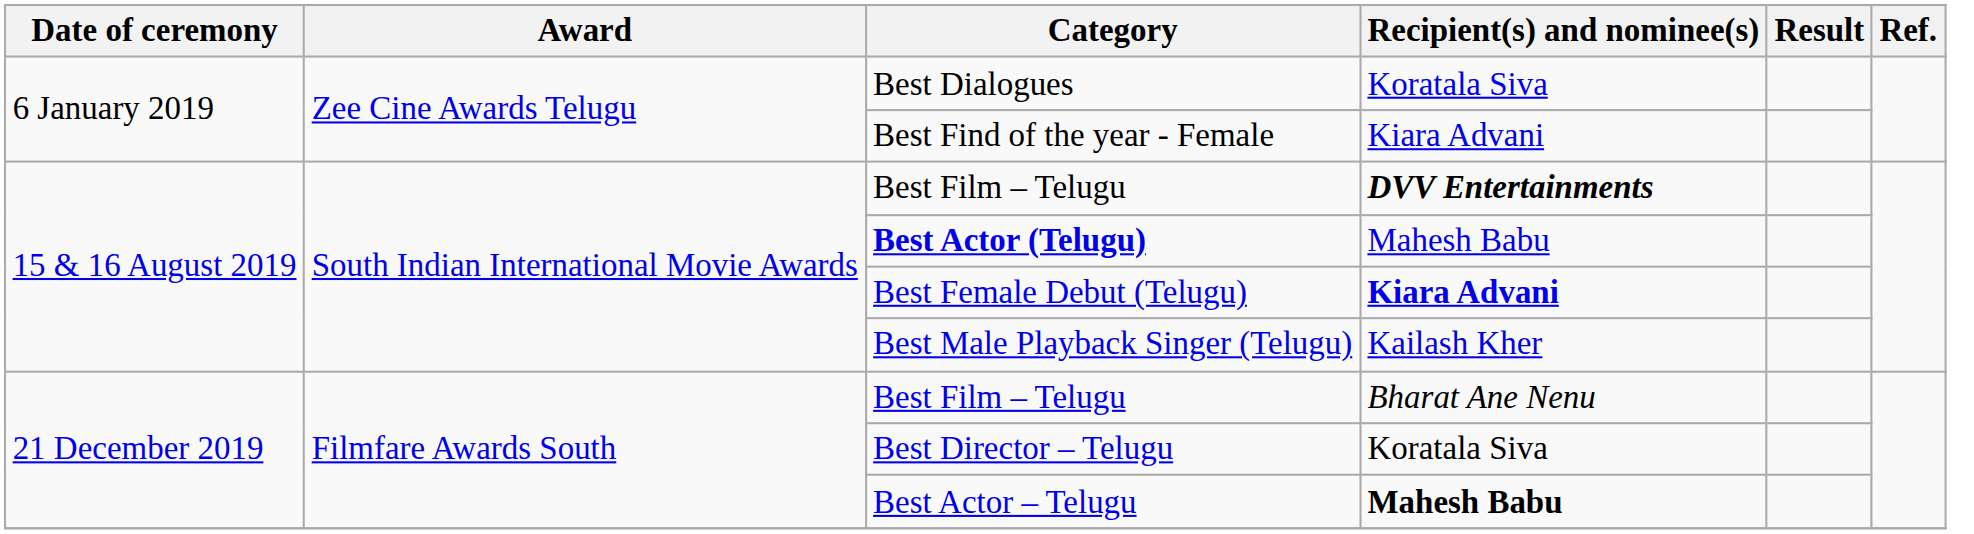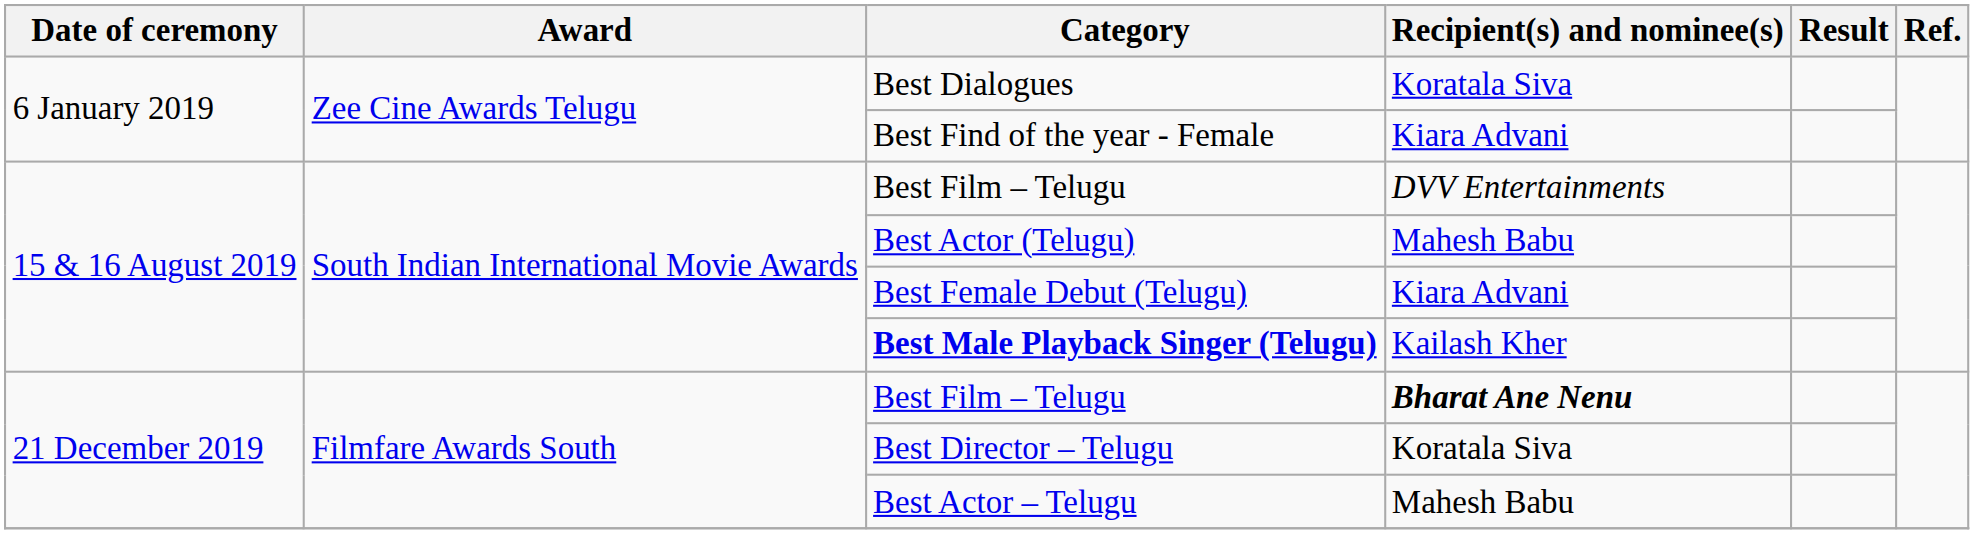 <table class="wikitable sortable">
 <tr>
 <th>Date of ceremony</th>
 <th>Award</th>
 <th>Category</th>
 <th>Recipient(s) and nominee(s)</th>
 <th>Result</th>
 <th>Ref.</th>
 </tr>
 <tr>
 <td rowspan="2">6 January 2019</td>
 <td rowspan="2"><a href='#'>Zee Cine Awards Telugu</a></td>
 <td>Best Dialogues</td>
 <td><a href='#'>Koratala Siva</a></td>
 <td></td>
 <td rowspan="2"></td>
 </tr>
 <tr>
 <td>Best Find of the year - Female</td>
 <td><a href='#'>Kiara Advani</a></td>
 <td></td>
 </tr>
 <tr>
 <td rowspan="4"><a href='#'>15 & 16 August 2019</a></td>
 <td rowspan="4"><a href='#'>South Indian International Movie Awards</a></td>
 <td>Best Film – Telugu</td>
-<td><strong><em>DVV Entertainments</em></strong></td>
+<td><em>DVV Entertainments</em></td>
 <td></td>
 <td rowspan="4"></td>
 </tr>
 <tr>
-<td><strong><a href='#'>Best Actor (Telugu)</a></strong></td>
+<td><a href='#'>Best Actor (Telugu)</a></td>
 <td><a href='#'>Mahesh Babu</a></td>
 <td></td>
 </tr>
 <tr>
 <td><a href='#'>Best Female Debut (Telugu)</a></td>
-<td><strong><a href='#'>Kiara Advani</a></strong></td>
+<td><a href='#'>Kiara Advani</a></td>
 <td></td>
 </tr>
 <tr>
-<td><a href='#'>Best Male Playback Singer (Telugu)</a></td>
+<td><strong><a href='#'>Best Male Playback Singer (Telugu)</a></strong></td>
 <td><a href='#'>Kailash Kher</a></td>
 <td></td>
 </tr>
 <tr>
 <td rowspan="3"><a href='#'>21 December 2019</a></td>
 <td rowspan="3"><a href='#'>Filmfare Awards South</a></td>
 <td><a href='#'>Best Film – Telugu</a></td>
-<td><em>Bharat Ane Nenu</em></td>
+<td><strong><em>Bharat Ane Nenu</em></strong></td>
 <td></td>
 <td rowspan="3"></td>
 </tr>
 <tr>
 <td><a href='#'>Best Director – Telugu</a></td>
 <td>Koratala Siva</td>
 <td></td>
 </tr>
 <tr>
 <td><a href='#'>Best Actor – Telugu</a></td>
-<td><strong>Mahesh Babu</strong></td>
+<td>Mahesh Babu</td>
 <td></td>
 </tr>
 <tr>
 </tr>
 </table>
